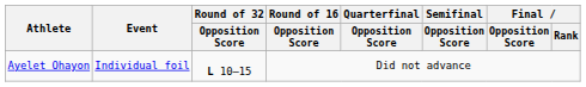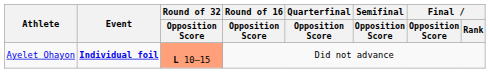 <table class="wikitable" style="font-size:90%">
 <tr>
 <th rowspan="2">Athlete</th>
 <th rowspan="2">Event</th>
 <th>Round of 32</th>
 <th>Round of 16</th>
 <th>Quarterfinal</th>
 <th>Semifinal</th>
 <th colspan=2>Final / </th>
 </tr>
 <tr style="font-size:95%">
 <th>Opposition <br> Score</th>
 <th>Opposition <br> Score</th>
 <th>Opposition <br> Score</th>
 <th>Opposition <br> Score</th>
 <th>Opposition <br> Score</th>
 <th>Rank</th>
 </tr>
 <tr align=center>
 <td align=left><a href='#'>Ayelet Ohayon</a></td>
-<td align=left><a href='#'>Individual foil</a></td>
-<td><br><strong>L</strong> 10–15</td>
+<td align=left><strong><a href='#'>Individual foil</a></strong></td>
+<td style="background: lightsalmon;"><br><strong>L</strong> 10–15</td>
 <td colspan=5>Did not advance</td>
 </tr>
 </table>
